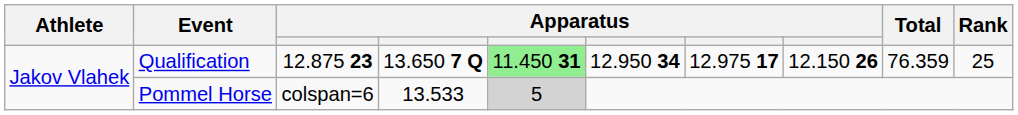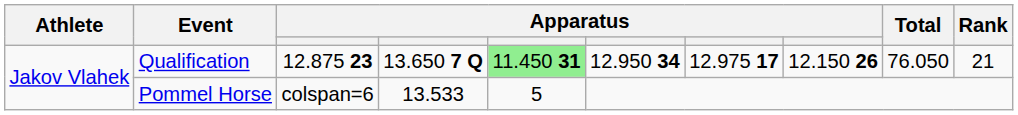 <table class="wikitable" style="font-size:90%">
 <tr>
 <th rowspan=2>Athlete</th>
 <th rowspan=2>Event</th>
 <th colspan =6>Apparatus</th>
 <th rowspan=2>Total</th>
 <th rowspan=2>Rank</th>
 </tr>
 <tr style="font-size:95%">
 <th></th>
 <th></th>
 <th></th>
 <th></th>
 <th></th>
 <th></th>
 </tr>
 <tr align=center>
 <td align=left rowspan=2><a href='#'>Jakov Vlahek</a></td>
 <td align=left><a href='#'>Qualification</a></td>
 <td>12.875	<strong>23		</strong></td>
 <td>13.650	<strong>7 Q</strong></td>
 <td style="background: lightgreen;">11.450	<strong>31</strong></td>
 <td>12.950	<strong>34</strong></td>
 <td>12.975	<strong>17</strong></td>
 <td>12.150	<strong>26</strong></td>
-<td>76.359</td>
-<td>25</td>
+<td>76.050</td>
+<td>21</td>
 </tr>
 <tr align=center>
 <td align=left><a href='#'>Pommel Horse</a></td>
 <td>colspan=6 </td>
 <td>13.533</td>
-<td style="background: lightgrey;">5</td>
+<td>5</td>
 </tr>
 </table>
